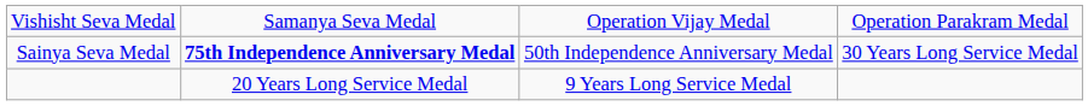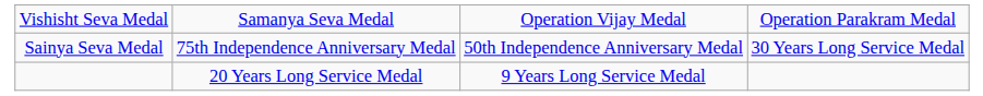 <table class="wikitable" style="margin:1em auto; text-align:center;">
 <tr>
 <td><a href='#'>Vishisht Seva Medal</a></td>
 <td><a href='#'>Samanya Seva Medal</a></td>
 <td><a href='#'>Operation Vijay Medal</a></td>
 <td><a href='#'>Operation Parakram Medal</a></td>
 </tr>
 <tr>
 <td><a href='#'>Sainya Seva Medal</a></td>
-<td><strong><a href='#'>75th Independence Anniversary Medal</a></strong></td>
+<td><a href='#'>75th Independence Anniversary Medal</a></td>
 <td><a href='#'>50th Independence Anniversary Medal</a></td>
 <td><a href='#'>30 Years Long Service Medal</a></td>
 </tr>
 <tr>
 <td></td>
 <td><a href='#'>20 Years Long Service Medal</a></td>
 <td><a href='#'>9 Years Long Service Medal</a></td>
 <td></td>
 </tr>
 </table>
